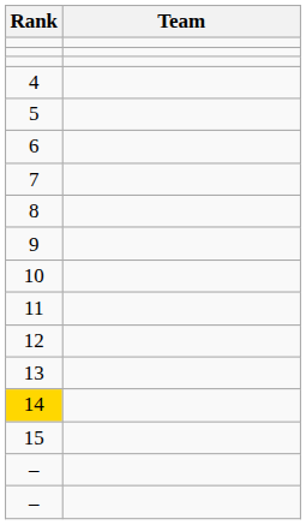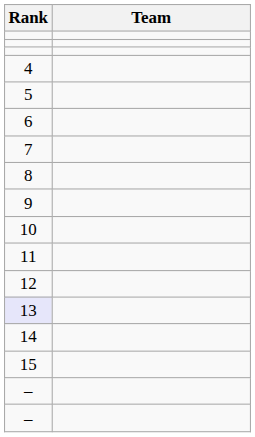 <table class=wikitable style="text-align:center;">
 <tr>
 <th>Rank</th>
 <th width=180>Team</th>
 </tr>
 <tr>
 <td></td>
 <td align=left></td>
 </tr>
 <tr>
 <td></td>
 <td align=left></td>
 </tr>
 <tr>
 <td></td>
 <td align=left></td>
 </tr>
 <tr>
 <td>4</td>
 <td align=left></td>
 </tr>
 <tr>
 <td>5</td>
 <td align=left></td>
 </tr>
 <tr>
 <td>6</td>
 <td align=left></td>
 </tr>
 <tr>
 <td>7</td>
 <td align=left></td>
 </tr>
 <tr>
 <td>8</td>
 <td align=left></td>
 </tr>
 <tr>
 <td>9</td>
 <td align=left></td>
 </tr>
 <tr>
 <td>10</td>
 <td align=left></td>
 </tr>
 <tr>
 <td>11</td>
 <td align=left></td>
 </tr>
 <tr>
 <td>12</td>
 <td align=left></td>
 </tr>
 <tr>
-<td>13</td>
+<td style="background: lavender;">13</td>
 <td align=left></td>
 </tr>
 <tr>
-<td style="background: gold;">14</td>
+<td>14</td>
 <td align=left></td>
 </tr>
 <tr>
 <td>15</td>
 <td align=left></td>
 </tr>
 <tr>
 <td>–</td>
 <td align=left></td>
 </tr>
 <tr>
 <td>–</td>
 <td align=left></td>
 </tr>
 </table>
